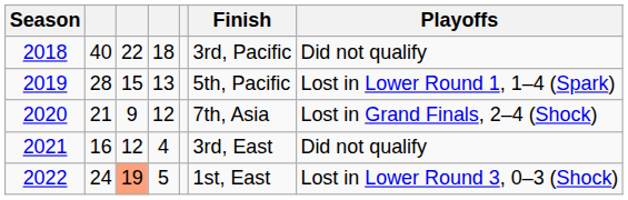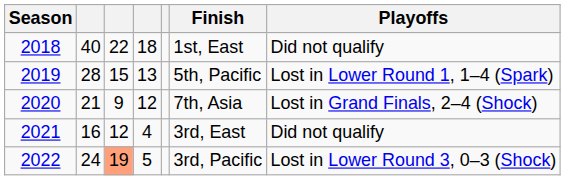 <table class="wikitable" style="text-align:center;">
 <tr>
 <th style="background:#">Season</th>
 <th style="background:#"></th>
 <th style="background:#"></th>
 <th style="background:#"></th>
 <th style="background:#"></th>
 <th style="background:#">Finish</th>
 <th style="background:#">Playoffs</th>
 </tr>
 <tr>
 <td><a href='#'>2018</a></td>
 <td>40</td>
 <td>22</td>
 <td>18</td>
 <td></td>
-<td style="text-align:left">3rd, Pacific</td>
+<td style="text-align:left">1st, East</td>
 <td style="text-align:left">Did not qualify</td>
 </tr>
 <tr>
 <td><a href='#'>2019</a></td>
 <td>28</td>
 <td>15</td>
 <td>13</td>
 <td></td>
 <td style="text-align:left">5th, Pacific</td>
 <td style="text-align:left">Lost in <a href='#'>Lower Round 1</a>, 1–4 (<a href='#'>Spark</a>)</td>
 </tr>
 <tr>
 <td><a href='#'>2020</a></td>
 <td>21</td>
 <td>9</td>
 <td>12</td>
 <td></td>
 <td style="text-align:left">7th, Asia</td>
 <td style="text-align:left">Lost in <a href='#'>Grand Finals</a>, 2–4 (<a href='#'>Shock</a>)</td>
 </tr>
 <tr>
 <td><a href='#'>2021</a></td>
 <td>16</td>
 <td>12</td>
 <td>4</td>
 <td></td>
 <td style="text-align:left">3rd, East</td>
 <td style="text-align:left">Did not qualify</td>
 </tr>
 <tr>
 <td><a href='#'>2022</a></td>
 <td>24</td>
 <td style="background: lightsalmon;">19</td>
 <td>5</td>
 <td></td>
-<td style="text-align:left">1st, East</td>
+<td style="text-align:left">3rd, Pacific</td>
 <td style="text-align:left">Lost in <a href='#'>Lower Round 3</a>, 0–3 (<a href='#'>Shock</a>)</td>
 </tr>
 </table>
